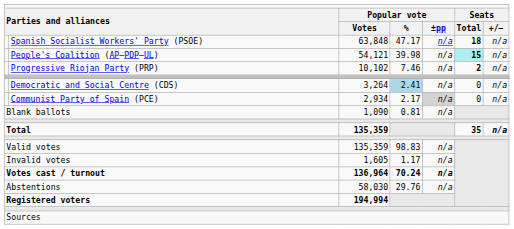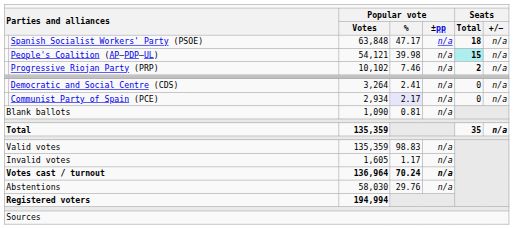 <table class="wikitable" style="text-align:right;">
 <tr>
 <td colspan="7"></td>
 </tr>
 <tr>
 <th style="text-align:left;" rowspan="2" colspan="2" width="525">Parties and alliances</th>
 <th colspan="3">Popular vote</th>
 <th colspan="2">Seats</th>
 </tr>
 <tr>
 <th width="75">Votes</th>
 <th width="45">%</th>
 <th width="45">±<a href='#'>pp</a></th>
 <th width="35">Total</th>
 <th width="35">+/−</th>
 </tr>
 <tr>
 <td width="1" style="color:inherit;background:"></td>
 <td align="left"><a href='#'>Spanish Socialist Workers' Party</a> (PSOE)</td>
 <td>63,848</td>
 <td>47.17</td>
 <td><em><a href='#'>n/a</a></em></td>
 <td><strong>18</strong></td>
 <td><em>n/a</em></td>
 </tr>
 <tr>
 <td style="color:inherit;background:"></td>
 <td align="left"><a href='#'>People's Coalition</a> (<a href='#'>AP</a>–<a href='#'>PDP</a>–<a href='#'>UL</a>)</td>
 <td>54,121</td>
 <td>39.98</td>
 <td><em>n/a</em></td>
 <td style="background: paleturquoise;"><strong>15</strong></td>
 <td><em>n/a</em></td>
 </tr>
 <tr>
 <td style="color:inherit;background:"></td>
 <td align="left"><a href='#'>Progressive Riojan Party</a> (PRP)</td>
 <td>10,102</td>
 <td>7.46</td>
 <td><em>n/a</em></td>
 <td><strong>2</strong></td>
 <td><em>n/a</em></td>
 </tr>
 <tr>
 <td colspan="7" bgcolor="#C0C0C0"></td>
 </tr>
 <tr>
 <td style="color:inherit;background:"></td>
 <td align="left"><a href='#'>Democratic and Social Centre</a> (CDS)</td>
 <td>3,264</td>
-<td style="background: lightblue;">2.41</td>
+<td>2.41</td>
 <td><em>n/a</em></td>
 <td>0</td>
 <td><em>n/a</em></td>
 </tr>
 <tr>
 <td style="color:inherit;background:"></td>
 <td align="left"><a href='#'>Communist Party of Spain</a> (PCE)</td>
 <td>2,934</td>
-<td>2.17</td>
-<td style="background: lightgrey;"><em>n/a</em></td>
+<td style="background: lavender;">2.17</td>
+<td><em>n/a</em></td>
 <td>0</td>
 <td><em>n/a</em></td>
 </tr>
 <tr>
 <td align="left" colspan="2">Blank ballots</td>
 <td>1,090</td>
 <td>0.81</td>
 <td><em>n/a</em></td>
 <td bgcolor="#E9E9E9" colspan="2"></td>
 </tr>
 <tr>
 <td colspan="7" bgcolor="#E9E9E9"></td>
 </tr>
 <tr style="font-weight:bold;">
 <td align="left" colspan="2">Total</td>
 <td>135,359</td>
 <td bgcolor="#E9E9E9" colspan="2"></td>
 <td>35</td>
 <td><em>n/a</em></td>
 </tr>
 <tr>
 <td colspan="7" bgcolor="#E9E9E9"></td>
 </tr>
 <tr>
 <td align="left" colspan="2">Valid votes</td>
 <td>135,359</td>
 <td>98.83</td>
 <td><em>n/a</em></td>
 <td bgcolor="#E9E9E9" colspan="2" rowspan="5"></td>
 </tr>
 <tr>
 <td align="left" colspan="2">Invalid votes</td>
 <td>1,605</td>
 <td>1.17</td>
 <td><em>n/a</em></td>
 </tr>
 <tr style="font-weight:bold;">
 <td align="left" colspan="2">Votes cast / turnout</td>
 <td>136,964</td>
 <td>70.24</td>
 <td><em>n/a</em></td>
 </tr>
 <tr>
 <td align="left" colspan="2">Abstentions</td>
 <td>58,030</td>
 <td>29.76</td>
 <td><em>n/a</em></td>
 </tr>
 <tr style="font-weight:bold;">
 <td align="left" colspan="2">Registered voters</td>
 <td>194,994</td>
 <td bgcolor="#E9E9E9" colspan="2"></td>
 </tr>
 <tr>
 <td colspan="7" bgcolor="#E9E9E9"></td>
 </tr>
 <tr>
 <td align="left" colspan="7">Sources</td>
 </tr>
 </table>
